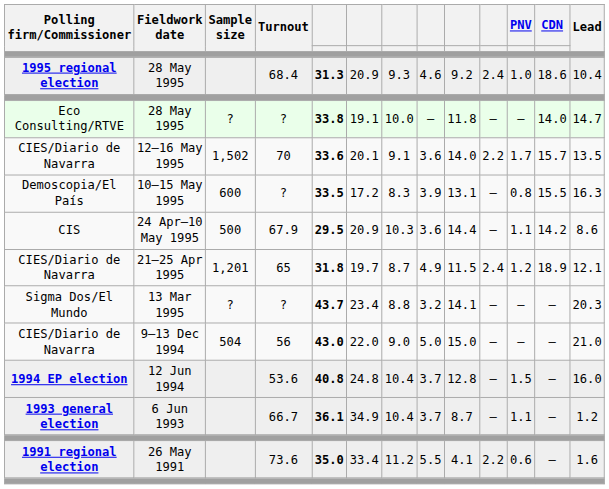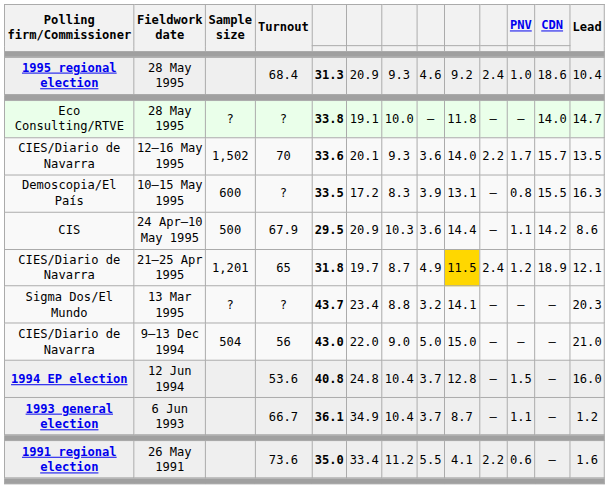 <table class="wikitable collapsible collapsed" style="text-align:center; font-size:95%; line-height:16px;">
 <tr style="height:42px;">
 <th style="width:250px;" rowspan="2">Polling firm/Commissioner</th>
 <th style="width:125px;" rowspan="2">Fieldwork date</th>
 <th style="width:50px;" rowspan="2">Sample size</th>
 <th style="width:45px;" rowspan="2">Turnout</th>
 <th style="width:35px;"></th>
 <th style="width:35px;"></th>
 <th style="width:35px;"></th>
 <th style="width:35px;"></th>
 <th style="width:35px;"></th>
 <th style="width:35px;"></th>
 <th style="width:35px;"><a href='#'>PNV</a></th>
 <th style="width:35px;"><a href='#'>CDN</a></th>
 <th style="width:30px;" rowspan="2">Lead</th>
 </tr>
 <tr>
 <th style="color:inherit;background:"></th>
 <th style="color:inherit;background:"></th>
 <th style="color:inherit;background:"></th>
 <th style="color:inherit;background:"></th>
 <th style="color:inherit;background:"></th>
 <th style="color:inherit;background:"></th>
 <th style="color:inherit;background:"></th>
 <th style="color:inherit;background:"></th>
 </tr>
 <tr>
 <td colspan="13" style="background:#A0A0A0"></td>
 </tr>
 <tr style="background:#EFEFEF;">
 <td><strong><a href='#'>1995 regional election</a></strong></td>
 <td>28 May 1995</td>
 <td></td>
 <td>68.4</td>
 <td><strong>31.3</strong><br></td>
 <td>20.9<br></td>
 <td>9.3<br></td>
 <td>4.6<br></td>
 <td>9.2<br></td>
 <td>2.4<br></td>
 <td>1.0<br></td>
 <td>18.6<br></td>
 <td style="background:">10.4</td>
 </tr>
 <tr>
 <td colspan="13" style="background:#A0A0A0"></td>
 </tr>
 <tr style="background:#EAFFEA;">
 <td>Eco Consulting/RTVE</td>
 <td>28 May 1995</td>
 <td>?</td>
 <td>?</td>
 <td><strong>33.8</strong><br></td>
 <td>19.1<br></td>
 <td>10.0<br></td>
 <td>–</td>
 <td>11.8<br></td>
 <td>–</td>
 <td>–</td>
 <td>14.0<br></td>
 <td style="background:">14.7</td>
 </tr>
 <tr>
 <td>CIES/Diario de Navarra</td>
 <td>12–16 May 1995</td>
 <td>1,502</td>
 <td>70</td>
 <td><strong>33.6</strong><br></td>
 <td>20.1<br></td>
-<td>9.1<br></td>
+<td>9.3<br></td>
 <td>3.6<br></td>
 <td>14.0<br></td>
 <td>2.2<br></td>
 <td>1.7<br></td>
 <td>15.7<br></td>
 <td style="background:">13.5</td>
 </tr>
 <tr>
 <td>Demoscopia/El País</td>
 <td>10–15 May 1995</td>
 <td>600</td>
 <td>?</td>
 <td><strong>33.5</strong><br></td>
 <td>17.2<br></td>
 <td>8.3<br></td>
 <td>3.9<br></td>
 <td>13.1<br></td>
 <td>–</td>
 <td>0.8<br></td>
 <td>15.5<br></td>
 <td style="background:">16.3</td>
 </tr>
 <tr>
 <td>CIS</td>
 <td>24 Apr–10 May 1995</td>
 <td>500</td>
 <td>67.9</td>
 <td><strong>29.5</strong></td>
 <td>20.9</td>
 <td>10.3</td>
 <td>3.6</td>
 <td>14.4</td>
 <td>–</td>
 <td>1.1<br></td>
 <td>14.2</td>
 <td style="background:">8.6</td>
 </tr>
 <tr>
 <td>CIES/Diario de Navarra</td>
 <td>21–25 Apr 1995</td>
 <td>1,201</td>
 <td>65</td>
 <td><strong>31.8</strong><br></td>
 <td>19.7<br></td>
 <td>8.7<br></td>
 <td>4.9<br></td>
-<td>11.5<br></td>
+<td style="background: gold;">11.5<br></td>
 <td>2.4<br></td>
 <td>1.2<br></td>
 <td>18.9<br></td>
 <td style="background:">12.1</td>
 </tr>
 <tr>
 <td>Sigma Dos/El Mundo</td>
 <td>13 Mar 1995</td>
 <td>?</td>
 <td>?</td>
 <td><strong>43.7</strong><br></td>
 <td>23.4<br></td>
 <td>8.8<br></td>
 <td>3.2<br></td>
 <td>14.1<br></td>
 <td>–</td>
 <td>–</td>
 <td>–</td>
 <td style="background:">20.3</td>
 </tr>
 <tr>
 <td>CIES/Diario de Navarra</td>
 <td>9–13 Dec 1994</td>
 <td>504</td>
 <td>56</td>
 <td><strong>43.0</strong><br></td>
 <td>22.0<br></td>
 <td>9.0<br></td>
 <td>5.0<br></td>
 <td>15.0<br></td>
 <td>–</td>
 <td>–</td>
 <td>–</td>
 <td style="background:">21.0</td>
 </tr>
 <tr style="background:#EFEFEF;">
 <td><strong><a href='#'>1994 EP election</a></strong></td>
 <td>12 Jun 1994</td>
 <td></td>
 <td>53.6</td>
 <td><strong>40.8</strong><br></td>
 <td>24.8<br></td>
 <td>10.4<br></td>
 <td>3.7<br></td>
 <td>12.8<br></td>
 <td>–</td>
 <td>1.5<br></td>
 <td>–</td>
 <td style="background:">16.0</td>
 </tr>
 <tr style="background:#EFEFEF;">
 <td><strong><a href='#'>1993 general election</a></strong></td>
 <td>6 Jun 1993</td>
 <td></td>
 <td>66.7</td>
 <td><strong>36.1</strong><br></td>
 <td>34.9<br></td>
 <td>10.4<br></td>
 <td>3.7<br></td>
 <td>8.7<br></td>
 <td>–</td>
 <td>1.1<br></td>
 <td>–</td>
 <td style="background:">1.2</td>
 </tr>
 <tr>
 <td colspan="13" style="background:#A0A0A0"></td>
 </tr>
 <tr style="background:#EFEFEF;">
 <td><strong><a href='#'>1991 regional election</a></strong></td>
 <td>26 May 1991</td>
 <td></td>
 <td>73.6</td>
 <td><strong>35.0</strong><br></td>
 <td>33.4<br></td>
 <td>11.2<br></td>
 <td>5.5<br></td>
 <td>4.1<br></td>
 <td>2.2<br></td>
 <td>0.6</td>
 <td>–</td>
 <td style="background:">1.6</td>
 </tr>
 <tr>
 <td colspan="13" style="background:#A0A0A0"></td>
 </tr>
 </table>
